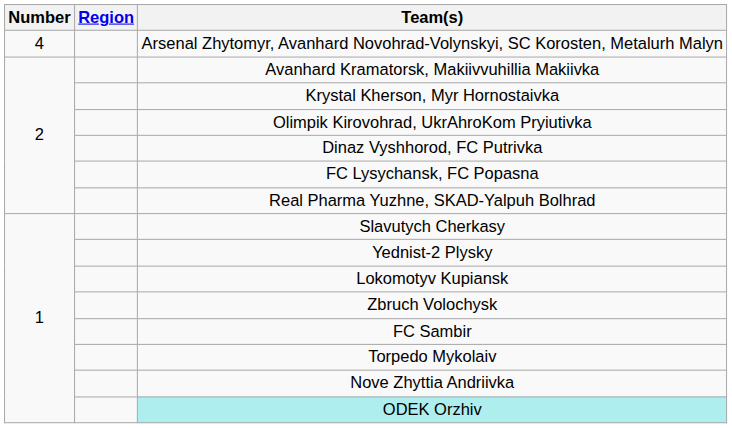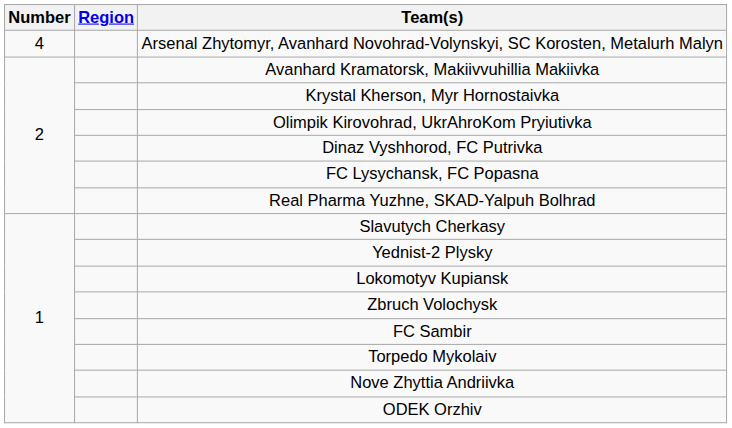 <table class="wikitable" style="text-align:center">
 <tr>
 <th>Number</th>
 <th><a href='#'>Region</a></th>
 <th>Team(s)</th>
 </tr>
 <tr>
 <td rowspan="1">4</td>
 <td align="left"></td>
 <td>Arsenal Zhytomyr, Avanhard Novohrad-Volynskyi, SC Korosten, Metalurh Malyn</td>
 </tr>
 <tr>
 <td rowspan="6">2</td>
 <td align="left"></td>
 <td>Avanhard Kramatorsk, Makiivvuhillia Makiivka</td>
 </tr>
 <tr>
 <td align="left"></td>
 <td>Krystal Kherson, Myr Hornostaivka</td>
 </tr>
 <tr>
 <td align="left"></td>
 <td>Olimpik Kirovohrad, UkrAhroKom Pryiutivka</td>
 </tr>
 <tr>
 <td align="left"></td>
 <td>Dinaz Vyshhorod, FC Putrivka</td>
 </tr>
 <tr>
 <td align="left"></td>
 <td>FC Lysychansk, FC Popasna</td>
 </tr>
 <tr>
 <td align="left"></td>
 <td>Real Pharma Yuzhne, SKAD-Yalpuh Bolhrad</td>
 </tr>
 <tr>
 <td rowspan="16">1</td>
 <td align="left"></td>
 <td>Slavutych Cherkasy</td>
 </tr>
 <tr>
 <td align="left"></td>
 <td>Yednist-2 Plysky</td>
 </tr>
 <tr>
 <td align="left"></td>
 <td>Lokomotyv Kupiansk</td>
 </tr>
 <tr>
 <td align="left"></td>
 <td>Zbruch Volochysk</td>
 </tr>
 <tr>
 <td align="left"></td>
 <td>FC Sambir</td>
 </tr>
 <tr>
 <td align="left"></td>
 <td>Torpedo Mykolaiv</td>
 </tr>
 <tr>
 <td align="left"></td>
 <td>Nove Zhyttia Andriivka</td>
 </tr>
 <tr>
 <td align="left"></td>
-<td style="background: paleturquoise;">ODEK Orzhiv</td>
+<td>ODEK Orzhiv</td>
 </tr>
 </table>
